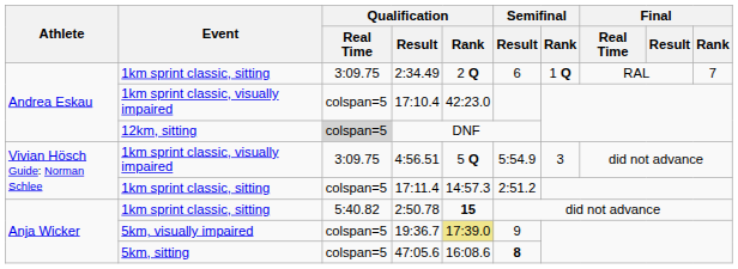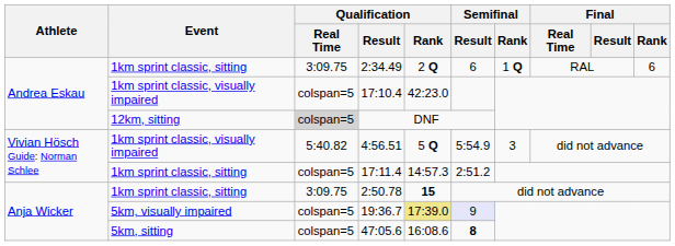 <table class="wikitable" style="font-size:100%">
 <tr>
 <th rowspan="2">Athlete</th>
 <th rowspan="2">Event</th>
 <th colspan="3">Qualification</th>
 <th colspan="2">Semifinal</th>
 <th colspan="3">Final</th>
 </tr>
 <tr>
 <th>Real Time</th>
 <th>Result</th>
 <th>Rank</th>
 <th>Result</th>
 <th>Rank</th>
 <th>Real Time</th>
 <th>Result</th>
 <th>Rank</th>
 </tr>
 <tr>
 <td rowspan=3><a href='#'>Andrea Eskau</a></td>
 <td><a href='#'>1km sprint classic, sitting</a></td>
 <td align="center">3:09.75</td>
 <td align="center">2:34.49</td>
 <td align="center">2 <strong>Q</strong></td>
 <td align="center">6</td>
 <td align="center">1 <strong>Q</strong></td>
 <td align="center" colspan=2>RAL</td>
-<td align="center">7</td>
+<td align="center">6</td>
 </tr>
 <tr>
 <td><a href='#'>1km sprint classic, visually impaired</a></td>
 <td>colspan=5 </td>
 <td align="center">17:10.4</td>
 <td align="center">42:23.0</td>
 <td align="center"></td>
 </tr>
 <tr>
 <td><a href='#'>12km, sitting</a></td>
 <td style="background: lightgrey;">colspan=5 </td>
 <td align="center" colspan=3>DNF</td>
 </tr>
 <tr>
 <td rowspan=2><a href='#'>Vivian Hösch</a><br><small><a href='#'>Guide</a>: <a href='#'>Norman Schlee</a></small></td>
 <td><a href='#'>1km sprint classic, visually impaired</a></td>
-<td align="center">3:09.75</td>
+<td align="center">5:40.82</td>
 <td align="center">4:56.51</td>
 <td align="center">5 <strong>Q</strong></td>
 <td align="center">5:54.9</td>
 <td align="center">3</td>
 <td align="center" colspan=3>did not advance</td>
 </tr>
 <tr>
 <td><a href='#'>1km sprint classic, sitting</a></td>
 <td>colspan=5 </td>
 <td align="center">17:11.4</td>
 <td align="center">14:57.3</td>
 <td align="center">2:51.2</td>
 </tr>
 <tr>
 <td rowspan=3><a href='#'>Anja Wicker</a></td>
 <td><a href='#'>1km sprint classic, sitting</a></td>
-<td align="center">5:40.82</td>
+<td align="center">3:09.75</td>
 <td align="center">2:50.78</td>
 <td align="center"><strong>15</strong></td>
 <td align="center" colspan=5>did not advance</td>
 </tr>
 <tr>
 <td><a href='#'>5km, visually impaired</a></td>
 <td>colspan=5 </td>
 <td align="center">19:36.7</td>
 <td align="center" style="background: khaki;">17:39.0</td>
-<td align="center">9</td>
+<td align="center" style="background: lavender;">9</td>
 </tr>
 <tr>
 <td><a href='#'>5km, sitting</a></td>
 <td>colspan=5 </td>
 <td align="center">47:05.6</td>
 <td align="center">16:08.6</td>
 <td align="center"><strong>8</strong></td>
 </tr>
 </table>
